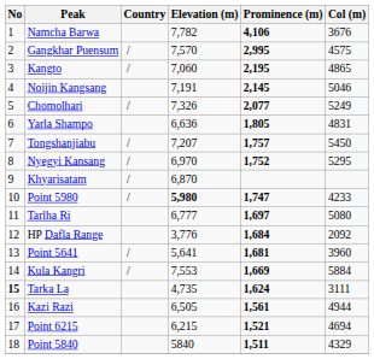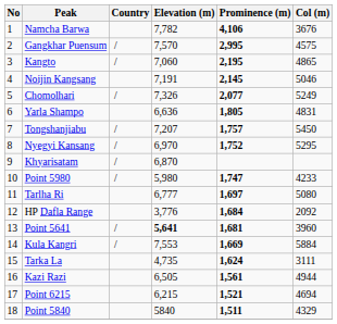 <table class="wikitable sortable">
 <tr>
 <th>No</th>
 <th>Peak</th>
 <th>Country</th>
 <th>Elevation (m)</th>
 <th>Prominence (m)</th>
 <th>Col (m)</th>
 </tr>
 <tr>
 <td>1</td>
 <td><a href='#'>Namcha Barwa</a></td>
 <td></td>
 <td>7,782</td>
 <td><strong>4,106</strong></td>
 <td>3676</td>
 </tr>
 <tr>
 <td>2</td>
 <td><a href='#'>Gangkhar Puensum</a></td>
 <td> / </td>
 <td>7,570</td>
 <td><strong>2,995</strong></td>
 <td>4575</td>
 </tr>
 <tr>
 <td>3</td>
 <td><a href='#'>Kangto</a></td>
 <td> / </td>
 <td>7,060</td>
 <td><strong>2,195</strong></td>
 <td>4865</td>
 </tr>
 <tr>
 <td>4</td>
 <td><a href='#'>Noijin Kangsang</a></td>
 <td></td>
 <td>7,191</td>
 <td><strong>2,145</strong></td>
 <td>5046</td>
 </tr>
 <tr>
 <td>5</td>
 <td><a href='#'>Chomolhari</a></td>
 <td> / </td>
 <td>7,326</td>
 <td><strong>2,077</strong></td>
 <td>5249</td>
 </tr>
 <tr>
 <td>6</td>
 <td><a href='#'>Yarla Shampo</a></td>
 <td></td>
 <td>6,636</td>
 <td><strong>1,805</strong></td>
 <td>4831</td>
 </tr>
 <tr>
 <td>7</td>
 <td><a href='#'>Tongshanjiabu</a></td>
 <td> / </td>
 <td>7,207</td>
 <td><strong>1,757</strong></td>
 <td>5450</td>
 </tr>
 <tr>
 <td>8</td>
 <td><a href='#'>Nyegyi Kansang</a></td>
 <td> / </td>
 <td>6,970</td>
 <td><strong>1,752</strong></td>
 <td>5295</td>
 </tr>
 <tr>
 <td>9</td>
 <td><a href='#'>Khyarisatam</a></td>
 <td> / </td>
 <td>6,870</td>
 <td></td>
 <td></td>
 </tr>
 <tr>
 <td>10</td>
 <td><a href='#'>Point 5980</a></td>
 <td> / </td>
-<td><strong>5,980</strong></td>
+<td>5,980</td>
 <td><strong>1,747</strong></td>
 <td>4233</td>
 </tr>
 <tr>
 <td>11</td>
 <td><a href='#'>Tarlha Ri</a></td>
 <td></td>
 <td>6,777</td>
 <td><strong>1,697</strong></td>
 <td>5080</td>
 </tr>
 <tr>
 <td>12</td>
 <td>HP <a href='#'>Dafla Range</a></td>
 <td></td>
 <td>3,776</td>
 <td><strong>1,684</strong></td>
 <td>2092</td>
 </tr>
 <tr>
 <td>13</td>
 <td><a href='#'>Point 5641</a></td>
 <td> / </td>
-<td>5,641</td>
+<td><strong>5,641</strong></td>
 <td><strong>1,681</strong></td>
 <td>3960</td>
 </tr>
 <tr>
 <td>14</td>
 <td><a href='#'>Kula Kangri</a></td>
 <td> / </td>
 <td>7,553</td>
 <td><strong>1,669</strong></td>
 <td>5884</td>
 </tr>
 <tr>
-<td><strong>15</strong></td>
+<td>15</td>
 <td><a href='#'>Tarka La</a></td>
 <td></td>
 <td>4,735</td>
 <td><strong>1,624</strong></td>
 <td>3111</td>
 </tr>
 <tr>
 <td>16</td>
 <td><a href='#'>Kazi Razi</a></td>
 <td></td>
 <td>6,505</td>
 <td><strong>1,561</strong></td>
 <td>4944</td>
 </tr>
 <tr>
 <td>17</td>
 <td><a href='#'>Point 6215</a></td>
 <td></td>
 <td>6,215</td>
 <td><strong>1,521</strong></td>
 <td>4694</td>
 </tr>
 <tr>
 <td>18</td>
 <td><a href='#'>Point 5840</a></td>
 <td></td>
 <td>5840</td>
 <td><strong>1,511</strong></td>
 <td>4329</td>
 </tr>
 <tr>
 </tr>
 </table>
